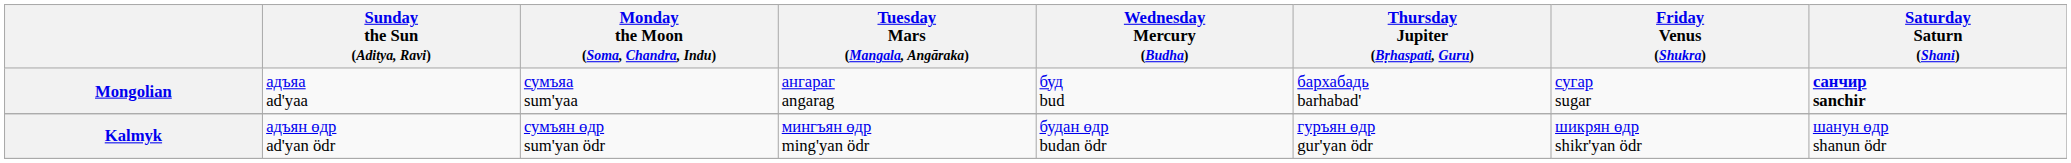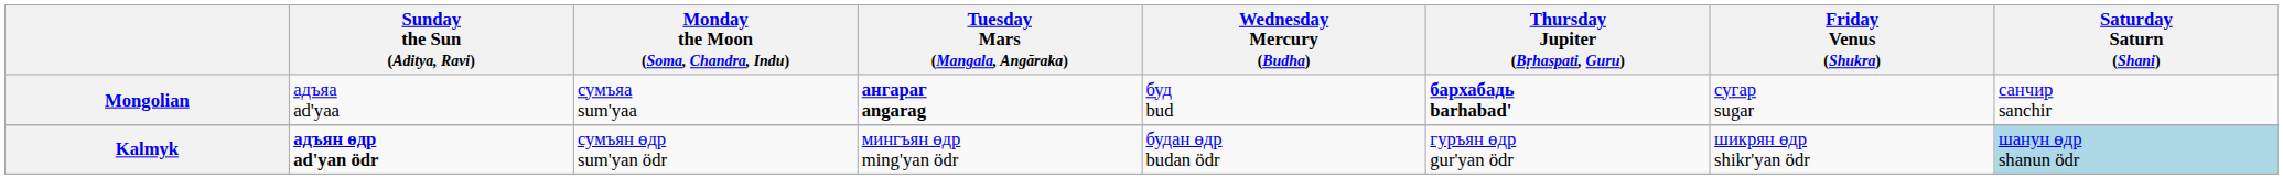 <table cellspacing="1" style="width:100%;" class="wikitable">
 <tr>
 <th style="width:12%;"></th>
 <th style="width:12%;"><a href='#'>Sunday</a><br> the Sun<br><small>(<em>Aditya, Ravi</em>)</small></th>
 <th style="width:12%;"><a href='#'>Monday</a><br> the Moon <br><small>(<em><a href='#'>Soma</a>, <a href='#'>Chandra</a>, Indu</em>)</small></th>
 <th style="width:12%;"><a href='#'>Tuesday</a><br>Mars<br><small>(<em><a href='#'>Mangala</a>, Angāraka</em>)</small></th>
 <th style="width:12%;"><a href='#'>Wednesday</a><br>Mercury<br><small>(<em><a href='#'>Budha</a></em>)</small></th>
 <th style="width:12%;"><a href='#'>Thursday</a><br>Jupiter<br><small>(<em><a href='#'>Bṛhaspati</a>, <a href='#'>Guru</a></em>)</small></th>
 <th style="width:12%;"><a href='#'>Friday</a><br> Venus<br><small>(<em><a href='#'>Shukra</a></em>)</small></th>
 <th style="width:12%;"><a href='#'>Saturday</a><br> Saturn<br><small>(<em><a href='#'>Shani</a></em>)</small></th>
 </tr>
 <tr>
 <th><a href='#'>Mongolian</a></th>
 <td><a href='#'>адъяа</a> <br> ad'yaa</td>
 <td><a href='#'>сумъяа</a> <br> sum'yaa</td>
-<td><a href='#'>ангараг</a> <br> angarag</td>
+<td><strong><a href='#'>ангараг</a> <br> angarag</strong></td>
 <td><a href='#'>буд</a> <br> bud</td>
-<td><a href='#'>бархабадь</a> <br> barhabad'</td>
+<td><strong><a href='#'>бархабадь</a> <br> barhabad'</strong></td>
 <td><a href='#'>сугар</a> <br> sugar</td>
-<td><strong><a href='#'>санчир</a> <br> sanchir</strong></td>
+<td><a href='#'>санчир</a> <br> sanchir</td>
 </tr>
 <tr>
 </tr>
 <tr>
 <th><a href='#'>Kalmyk</a></th>
-<td><a href='#'>адъян өдр</a> <br> ad'yan ödr</td>
+<td><strong><a href='#'>адъян өдр</a> <br> ad'yan ödr</strong></td>
 <td><a href='#'>сумъян өдр</a> <br> sum'yan ödr</td>
 <td><a href='#'>мингъян өдр</a> <br> ming'yan ödr</td>
 <td><a href='#'>будан өдр</a> <br> budan ödr</td>
 <td><a href='#'>гуръян өдр</a> <br> gur'yan ödr</td>
 <td><a href='#'>шикрян өдр</a> <br> shikr'yan ödr</td>
-<td><a href='#'>шанун өдр</a> <br> shanun ödr</td>
+<td style="background: lightblue;"><a href='#'>шанун өдр</a> <br> shanun ödr</td>
 </tr>
 <tr>
 </tr>
 </table>
